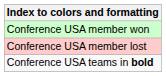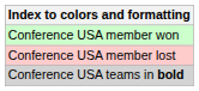 <table class="wikitable">
 <tr>
 <th>Index to colors and formatting</th>
 </tr>
 <tr style="background:#cfc;">
 <td>Conference USA member won</td>
 </tr>
 <tr style="background:#fcc;">
 <td>Conference USA member lost</td>
 </tr>
 <tr>
-<td>Conference USA teams in <strong>bold</strong></td>
+<td style="background: lightgrey;">Conference USA teams in <strong>bold</strong></td>
 </tr>
 </table>
